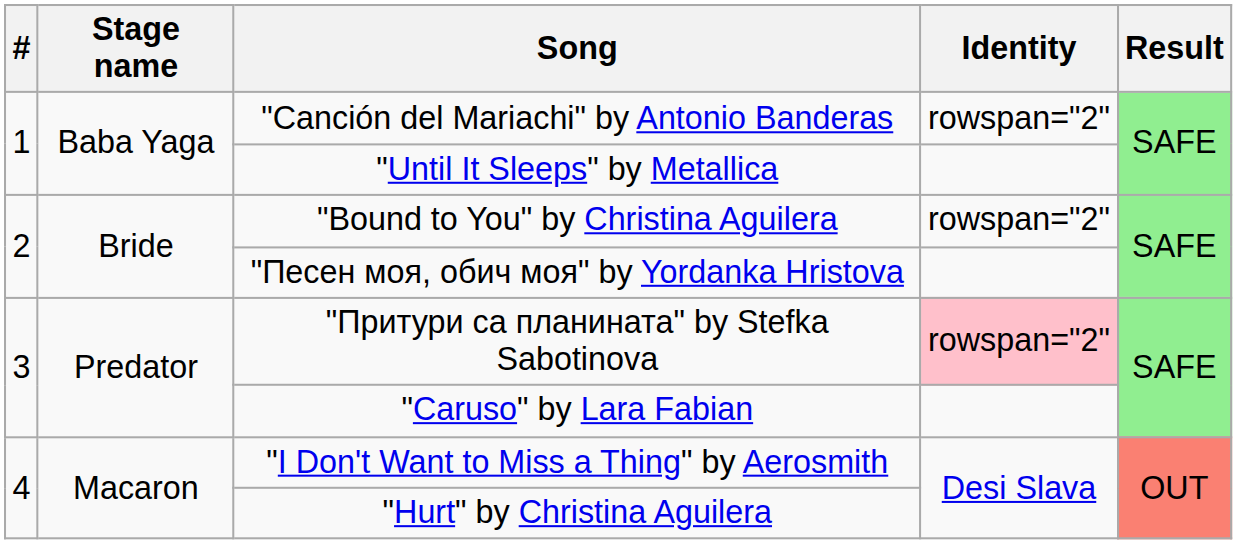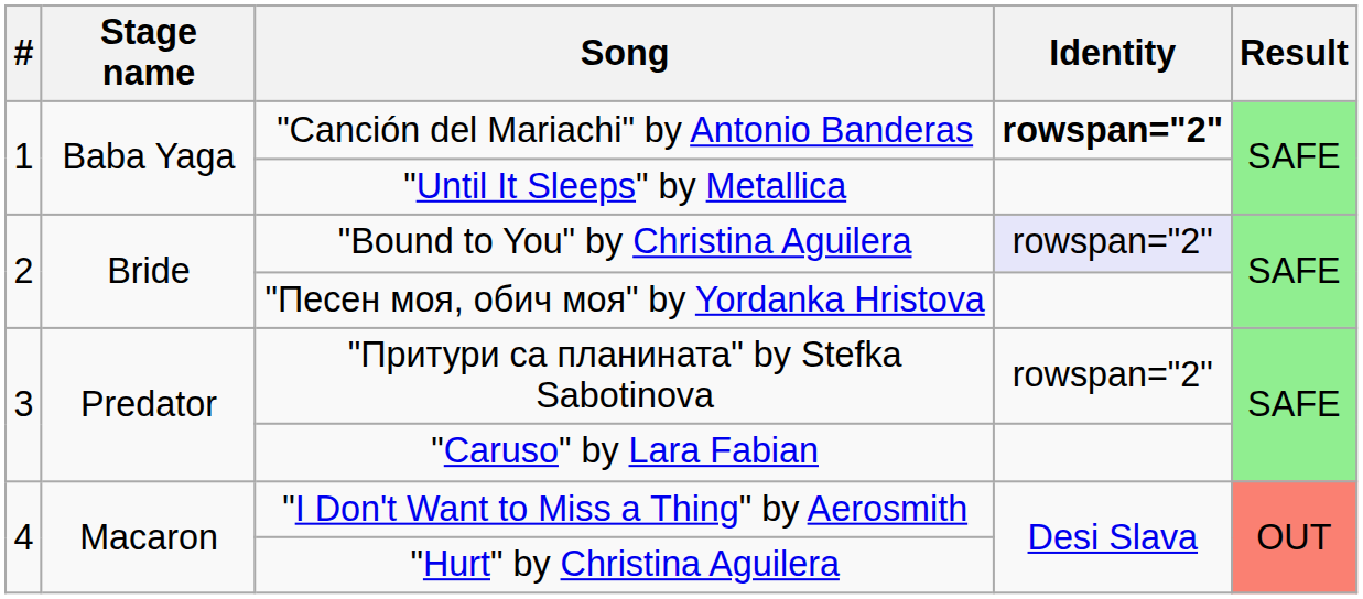 <table class="wikitable plainrowheaders" style="text-align: center;">
 <tr>
 <th>#</th>
 <th>Stage name</th>
 <th>Song</th>
 <th>Identity</th>
 <th>Result</th>
 </tr>
 <tr>
 <td rowspan="2">1</td>
 <td rowspan="2">Baba Yaga</td>
 <td>"Canción del Mariachi" by <a href='#'>Antonio Banderas</a></td>
-<td>rowspan="2" </td>
+<td><strong>rowspan="2" </strong></td>
 <td rowspan="2" bgcolor="lightgreen">SAFE</td>
 </tr>
 <tr>
 <td>"<a href='#'>Until It Sleeps</a>" by <a href='#'>Metallica</a></td>
 </tr>
 <tr>
 <td rowspan="2">2</td>
 <td rowspan="2">Bride</td>
 <td>"Bound to You" by <a href='#'>Christina Aguilera</a></td>
-<td>rowspan="2" </td>
+<td style="background: lavender;">rowspan="2" </td>
 <td rowspan="2" bgcolor="lightgreen">SAFE</td>
 </tr>
 <tr>
 <td>"Песен моя, обич моя" by <a href='#'>Yordanka Hristova</a></td>
 </tr>
 <tr>
 <td rowspan="2">3</td>
 <td rowspan="2">Predator</td>
 <td>"Притури са планината" by Stefka Sabotinova</td>
-<td style="background: pink;">rowspan="2" </td>
+<td>rowspan="2" </td>
 <td rowspan="2" bgcolor="lightgreen">SAFE</td>
 </tr>
 <tr>
 <td>"<a href='#'>Caruso</a>" by <a href='#'>Lara Fabian</a></td>
 </tr>
 <tr>
 <td rowspan="2">4</td>
 <td rowspan="2">Macaron</td>
 <td>"<a href='#'>I Don't Want to Miss a Thing</a>" by <a href='#'>Aerosmith</a></td>
 <td rowspan="2"><a href='#'>Desi Slava</a></td>
 <td rowspan="2" bgcolor=salmon>OUT</td>
 </tr>
 <tr>
 <td>"<a href='#'>Hurt</a>" by <a href='#'>Christina Aguilera</a></td>
 </tr>
 </table>
